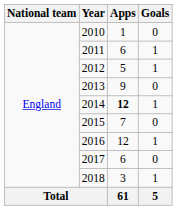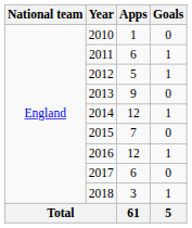 <table class=wikitable style=text-align:center>
 <tr>
 <th>National team</th>
 <th>Year</th>
 <th>Apps</th>
 <th>Goals</th>
 </tr>
 <tr>
 <td rowspan=9><a href='#'>England</a></td>
 <td>2010</td>
 <td>1</td>
 <td>0</td>
 </tr>
 <tr>
 <td>2011</td>
 <td>6</td>
 <td>1</td>
 </tr>
 <tr>
 <td>2012</td>
 <td>5</td>
 <td>1</td>
 </tr>
 <tr>
 <td>2013</td>
 <td>9</td>
 <td>0</td>
 </tr>
 <tr>
 <td>2014</td>
-<td><strong>12</strong></td>
+<td>12</td>
 <td>1</td>
 </tr>
 <tr>
 <td>2015</td>
 <td>7</td>
 <td>0</td>
 </tr>
 <tr>
 <td>2016</td>
 <td>12</td>
 <td>1</td>
 </tr>
 <tr>
 <td>2017</td>
 <td>6</td>
 <td>0</td>
 </tr>
 <tr>
 <td>2018</td>
 <td>3</td>
 <td>1</td>
 </tr>
 <tr>
 <th colspan=2>Total</th>
 <th>61</th>
 <th>5</th>
 </tr>
 </table>
